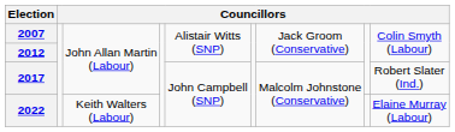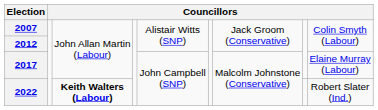 <table class="wikitable" style="text-align:center">
 <tr>
 <th>Election</th>
 <th colspan=8>Councillors</th>
 </tr>
 <tr>
 <th><a href='#'>2007</a></th>
 <td rowspan=4; style="background-color: "></td>
 <td rowspan=3>John Allan Martin<br>(<a href='#'>Labour</a>)</td>
 <td rowspan=4; style="background-color: "></td>
 <td rowspan=2>Alistair Witts<br>(<a href='#'>SNP</a>)</td>
 <td rowspan=4; style="background-color: "></td>
 <td rowspan=2>Jack Groom<br>(<a href='#'>Conservative</a>)</td>
 <td rowspan=3; style="background-color: "></td>
 <td rowspan=2><a href='#'>Colin Smyth</a><br>(<a href='#'>Labour</a>)</td>
 </tr>
 <tr>
 <th><a href='#'>2012</a></th>
 </tr>
 <tr>
 <th><a href='#'>2017</a></th>
 <td rowspan=2>John Campbell<br>(<a href='#'>SNP</a>)</td>
 <td rowspan=2>Malcolm Johnstone<br>(<a href='#'>Conservative</a>)</td>
-<td>Robert Slater<br>(<a href='#'>Ind.</a>)</td>
+<td><a href='#'>Elaine Murray</a><br>(<a href='#'>Labour</a>)</td>
 </tr>
 <tr>
 <th><a href='#'>2022</a></th>
-<td>Keith Walters<br>(<a href='#'>Labour</a>)</td>
+<td><strong>Keith Walters<br>(<a href='#'>Labour</a>)</strong></td>
 <td style="background-color: "></td>
-<td><a href='#'>Elaine Murray</a><br>(<a href='#'>Labour</a>)</td>
+<td>Robert Slater<br>(<a href='#'>Ind.</a>)</td>
 </tr>
 </table>
